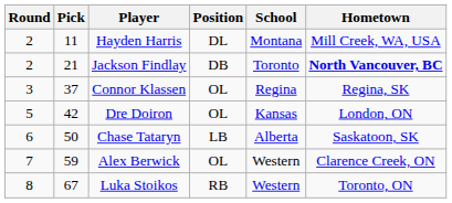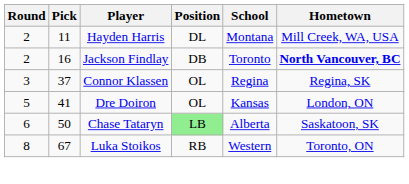 <table class="wikitable" style="font-size: 95%;">
 <tr>
 <th scope="col">Round</th>
 <th scope="col">Pick</th>
 <th scope="col">Player</th>
 <th scope="col">Position</th>
 <th scope="col">School</th>
 <th scope="col">Hometown</th>
 </tr>
 <tr align="center">
 <td align=center>2</td>
 <td>11</td>
 <td><a href='#'>Hayden Harris</a></td>
 <td>DL</td>
 <td><a href='#'>Montana</a></td>
 <td><a href='#'>Mill Creek, WA, USA</a></td>
 </tr>
 <tr align="center">
 <td align=center>2</td>
-<td>21</td>
+<td>16</td>
 <td><a href='#'>Jackson Findlay</a></td>
 <td>DB</td>
 <td><a href='#'>Toronto</a></td>
 <td><strong><a href='#'>North Vancouver, BC</a></strong></td>
 </tr>
 <tr align="center">
 <td align=center>3</td>
 <td>37</td>
 <td><a href='#'>Connor Klassen</a></td>
 <td>OL</td>
 <td><a href='#'>Regina</a></td>
 <td><a href='#'>Regina, SK</a></td>
 </tr>
 <tr align="center">
 <td align=center>5</td>
-<td>42</td>
+<td>41</td>
 <td><a href='#'>Dre Doiron</a></td>
 <td>OL</td>
 <td><a href='#'>Kansas</a></td>
 <td><a href='#'>London, ON</a></td>
 </tr>
 <tr align="center">
 <td align=center>6</td>
 <td>50</td>
 <td><a href='#'>Chase Tataryn</a></td>
-<td>LB</td>
+<td style="background: lightgreen;">LB</td>
 <td><a href='#'>Alberta</a></td>
 <td><a href='#'>Saskatoon, SK</a></td>
-</tr>
-<tr align="center">
-<td align=center>7</td>
-<td>59</td>
-<td><a href='#'>Alex Berwick</a></td>
-<td>OL</td>
-<td>Western</td>
-<td><a href='#'>Clarence Creek, ON</a></td>
 </tr>
 <tr align="center">
 <td align=center>8</td>
 <td>67</td>
 <td><a href='#'>Luka Stoikos</a></td>
 <td>RB</td>
 <td><a href='#'>Western</a></td>
 <td><a href='#'>Toronto, ON</a></td>
 </tr>
 </table>
